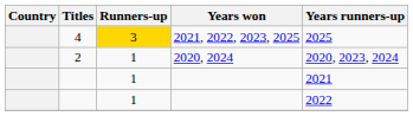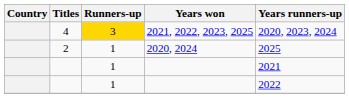 <table class="wikitable plainrowheaders sortable">
 <tr>
 <th scope="col">Country</th>
 <th scope="col">Titles</th>
 <th scope="col">Runners-up</th>
 <th scope="col">Years won</th>
 <th scope="col">Years runners-up</th>
 </tr>
 <tr>
 <th align="left" scope="row"></th>
 <td align="center">4</td>
 <td align="center" style="background: gold;">3</td>
 <td><a href='#'>2021</a>, <a href='#'>2022</a>, <a href='#'>2023</a>, <a href='#'>2025</a></td>
-<td><a href='#'>2025</a></td>
+<td><a href='#'>2020</a>, <a href='#'>2023</a>, <a href='#'>2024</a></td>
 </tr>
 <tr>
 <th align="left" scope="row"></th>
 <td align="center">2</td>
 <td align="center">1</td>
 <td><a href='#'>2020</a>, <a href='#'>2024</a></td>
-<td><a href='#'>2020</a>, <a href='#'>2023</a>, <a href='#'>2024</a></td>
+<td><a href='#'>2025</a></td>
 </tr>
 <tr>
 <th align="left" scope="row"></th>
 <td align="center"></td>
 <td align="center">1</td>
 <td align="center"></td>
 <td><a href='#'>2021</a></td>
 </tr>
 <tr>
 <th align="left" scope="row"></th>
 <td align="center"></td>
 <td align="center">1</td>
 <td align="center"></td>
 <td><a href='#'>2022</a></td>
 </tr>
 <tr>
 </tr>
 </table>
